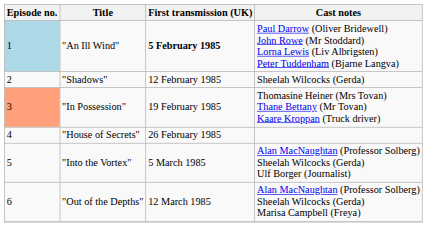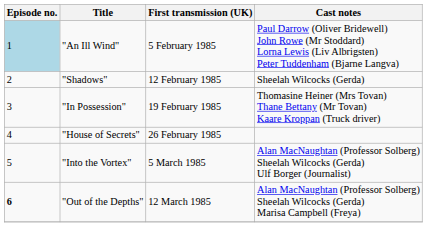 <table class="wikitable plainrowheaders">
 <tr style="color:#00000;">
 <th scope="col">Episode no.</th>
 <th scope="col">Title</th>
 <th scope="col">First transmission (UK)</th>
 <th scope="col">Cast notes</th>
 </tr>
 <tr>
 <td style="background: lightblue;">1</td>
 <td>"An Ill Wind"</td>
-<td><strong>5 February 1985</strong></td>
+<td>5 February 1985</td>
 <td><a href='#'>Paul Darrow</a> (Oliver Bridewell) <br> <a href='#'>John Rowe</a> (Mr Stoddard) <br> <a href='#'>Lorna Lewis</a> (Liv Albrigsten) <br> <a href='#'>Peter Tuddenham</a> (Bjarne Langva)</td>
 </tr>
 <tr>
 <td>2</td>
 <td>"Shadows"</td>
 <td>12 February 1985</td>
 <td>Sheelah Wilcocks (Gerda)</td>
 </tr>
 <tr>
-<td style="background: lightsalmon;">3</td>
+<td>3</td>
 <td>"In Possession"</td>
 <td>19 February 1985</td>
 <td>Thomasine Heiner (Mrs Tovan) <br> <a href='#'>Thane Bettany</a> (Mr Tovan) <br> <a href='#'>Kaare Kroppan</a> (Truck driver)</td>
 </tr>
 <tr>
 <td>4</td>
 <td>"House of Secrets"</td>
 <td>26 February 1985</td>
 <td></td>
 </tr>
 <tr>
 <td>5</td>
 <td>"Into the Vortex"</td>
 <td>5 March 1985</td>
 <td><a href='#'>Alan MacNaughtan</a> (Professor Solberg) <br> Sheelah Wilcocks (Gerda) <br> Ulf Borger (Journalist)</td>
 </tr>
 <tr>
-<td>6</td>
+<td><strong>6</strong></td>
 <td>"Out of the Depths"</td>
 <td>12 March 1985</td>
 <td><a href='#'>Alan MacNaughtan</a> (Professor Solberg) <br> Sheelah Wilcocks (Gerda) <br> Marisa Campbell (Freya)</td>
 </tr>
 <tr>
 </tr>
 </table>
